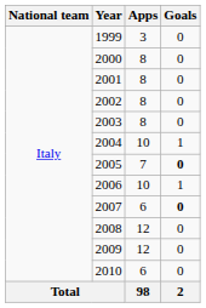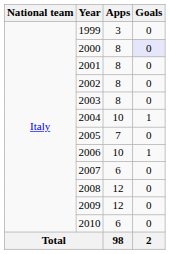 <table class="wikitable" style="text-align:center">
 <tr>
 <th>National team</th>
 <th>Year</th>
 <th>Apps</th>
 <th>Goals</th>
 </tr>
 <tr>
 <td rowspan="12"><a href='#'>Italy</a></td>
 <td>1999</td>
 <td>3</td>
 <td>0</td>
 </tr>
 <tr>
 <td>2000</td>
 <td>8</td>
-<td>0</td>
+<td style="background: lavender;">0</td>
 </tr>
 <tr>
 <td>2001</td>
 <td>8</td>
 <td>0</td>
 </tr>
 <tr>
 <td>2002</td>
 <td>8</td>
 <td>0</td>
 </tr>
 <tr>
 <td>2003</td>
 <td>8</td>
 <td>0</td>
 </tr>
 <tr>
 <td>2004</td>
 <td>10</td>
 <td>1</td>
 </tr>
 <tr>
 <td>2005</td>
 <td>7</td>
-<td><strong>0</strong></td>
+<td>0</td>
 </tr>
 <tr>
 <td>2006</td>
 <td>10</td>
 <td>1</td>
 </tr>
 <tr>
 <td>2007</td>
 <td>6</td>
-<td><strong>0</strong></td>
+<td>0</td>
 </tr>
 <tr>
 <td>2008</td>
 <td>12</td>
 <td>0</td>
 </tr>
 <tr>
 <td>2009</td>
 <td>12</td>
 <td>0</td>
 </tr>
 <tr>
 <td>2010</td>
 <td>6</td>
 <td>0</td>
 </tr>
 <tr>
 <th colspan="2">Total</th>
 <th>98</th>
 <th>2</th>
 </tr>
 </table>
